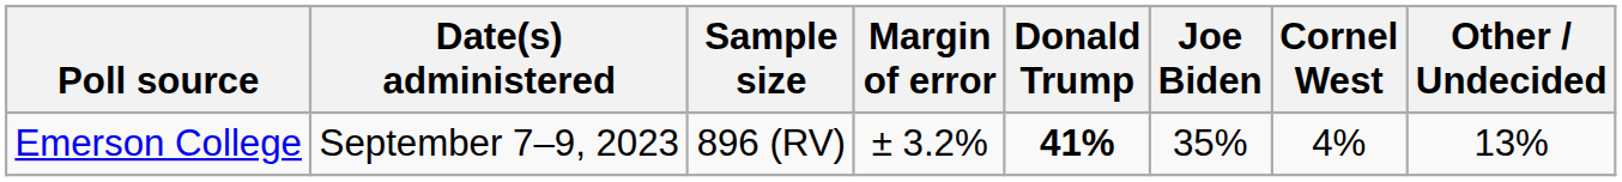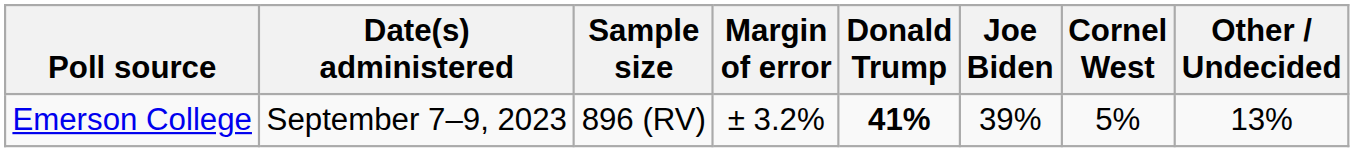 <table class="wikitable sortable mw-datatable" style="font-size:90%;text-align:center;line-height:17px">
 <tr valign=bottom>
 <th>Poll source</th>
 <th>Date(s)<br>administered</th>
 <th>Sample<br>size</th>
 <th>Margin<br>of error</th>
 <th class="unsortable">Donald<br>Trump<br></th>
 <th class="unsortable">Joe<br>Biden<br></th>
 <th class="unsortable">Cornel<br>West<br></th>
 <th class="unsortable">Other /<br>Undecided</th>
 </tr>
 <tr>
 <td style="text-align:left;"><a href='#'>Emerson College</a></td>
 <td>September 7–9, 2023</td>
 <td>896 (RV)</td>
 <td>± 3.2%</td>
 <td style="background-color:"><strong>41%</strong></td>
-<td>35%</td>
-<td>4%</td>
+<td>39%</td>
+<td>5%</td>
 <td>13%</td>
 </tr>
 </table>
